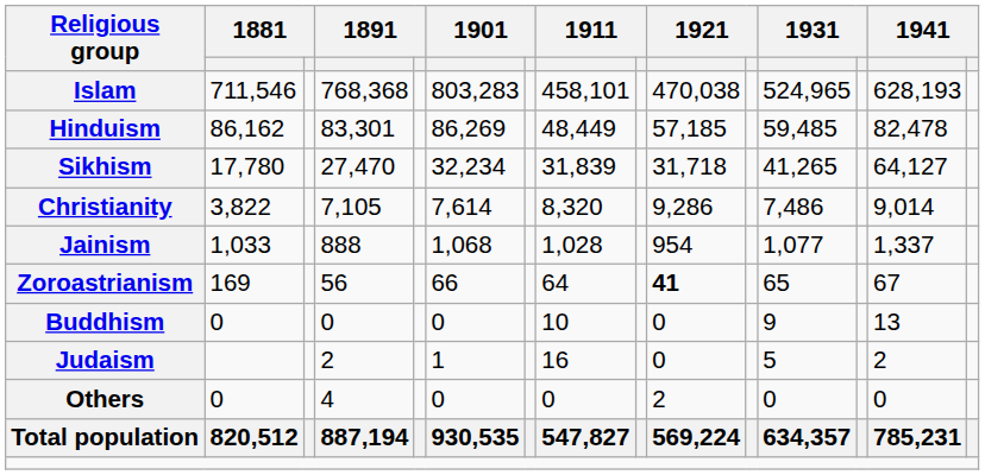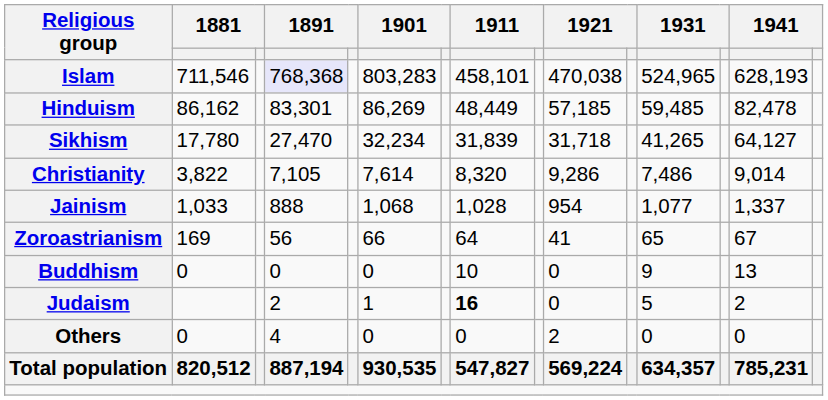 <table class="wikitable sortable">
 <tr>
 <th rowspan="2"><a href='#'>Religious</a><br>group</th>
 <th colspan="2">1881</th>
 <th colspan="2">1891</th>
 <th colspan="2">1901</th>
 <th colspan="2">1911</th>
 <th colspan="2">1921</th>
 <th colspan="2">1931</th>
 <th colspan="2">1941</th>
 </tr>
 <tr>
 <th><a href='#'></a></th>
 <th></th>
 <th></th>
 <th></th>
 <th></th>
 <th></th>
 <th></th>
 <th></th>
 <th></th>
 <th></th>
 <th></th>
 <th></th>
 <th></th>
 <th></th>
 </tr>
 <tr>
 <th><a href='#'>Islam</a> </th>
 <td>711,546</td>
 <td></td>
-<td>768,368</td>
+<td style="background: lavender;">768,368</td>
 <td></td>
 <td>803,283</td>
 <td></td>
 <td>458,101</td>
 <td></td>
 <td>470,038</td>
 <td></td>
 <td>524,965</td>
 <td></td>
 <td>628,193</td>
 <td></td>
 </tr>
 <tr>
 <th><a href='#'>Hinduism</a> </th>
 <td>86,162</td>
 <td></td>
 <td>83,301</td>
 <td></td>
 <td>86,269</td>
 <td></td>
 <td>48,449</td>
 <td></td>
 <td>57,185</td>
 <td></td>
 <td>59,485</td>
 <td></td>
 <td>82,478</td>
 <td></td>
 </tr>
 <tr>
 <th><a href='#'>Sikhism</a> </th>
 <td>17,780</td>
 <td></td>
 <td>27,470</td>
 <td></td>
 <td>32,234</td>
 <td></td>
 <td>31,839</td>
 <td></td>
 <td>31,718</td>
 <td></td>
 <td>41,265</td>
 <td></td>
 <td>64,127</td>
 <td></td>
 </tr>
 <tr>
 <th><a href='#'>Christianity</a> </th>
 <td>3,822</td>
 <td></td>
 <td>7,105</td>
 <td></td>
 <td>7,614</td>
 <td></td>
 <td>8,320</td>
 <td></td>
 <td>9,286</td>
 <td></td>
 <td>7,486</td>
 <td></td>
 <td>9,014</td>
 <td></td>
 </tr>
 <tr>
 <th><a href='#'>Jainism</a> </th>
 <td>1,033</td>
 <td></td>
 <td>888</td>
 <td></td>
 <td>1,068</td>
 <td></td>
 <td>1,028</td>
 <td></td>
 <td>954</td>
 <td></td>
 <td>1,077</td>
 <td></td>
 <td>1,337</td>
 <td></td>
 </tr>
 <tr>
 <th><a href='#'>Zoroastrianism</a> </th>
 <td>169</td>
 <td></td>
 <td>56</td>
 <td></td>
 <td>66</td>
 <td></td>
 <td>64</td>
 <td></td>
-<td><strong>41</strong></td>
+<td>41</td>
 <td></td>
 <td>65</td>
 <td></td>
 <td>67</td>
 <td></td>
 </tr>
 <tr>
 <th><a href='#'>Buddhism</a> </th>
 <td>0</td>
 <td></td>
 <td>0</td>
 <td></td>
 <td>0</td>
 <td></td>
 <td>10</td>
 <td></td>
 <td>0</td>
 <td></td>
 <td>9</td>
 <td></td>
 <td>13</td>
 <td></td>
 </tr>
 <tr>
 <th><a href='#'>Judaism</a> </th>
 <td></td>
 <td></td>
 <td>2</td>
 <td></td>
 <td>1</td>
 <td></td>
-<td>16</td>
+<td><strong>16</strong></td>
 <td></td>
 <td>0</td>
 <td></td>
 <td>5</td>
 <td></td>
 <td>2</td>
 <td></td>
 </tr>
 <tr>
 <th>Others</th>
 <td>0</td>
 <td></td>
 <td>4</td>
 <td></td>
 <td>0</td>
 <td></td>
 <td>0</td>
 <td></td>
 <td>2</td>
 <td></td>
 <td>0</td>
 <td></td>
 <td>0</td>
 <td></td>
 </tr>
 <tr>
 <th>Total population</th>
 <th>820,512</th>
 <th></th>
 <th>887,194</th>
 <th></th>
 <th>930,535</th>
 <th></th>
 <th>547,827</th>
 <th></th>
 <th>569,224</th>
 <th></th>
 <th>634,357</th>
 <th></th>
 <th>785,231</th>
 <th></th>
 </tr>
 <tr class="sortbottom">
 <td colspan="15"></td>
 </tr>
 </table>
